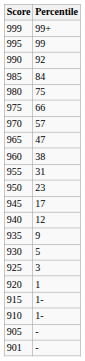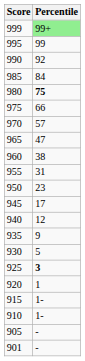 <table class="wikitable">
 <tr>
 <th>Score</th>
 <th>Percentile</th>
 </tr>
 <tr>
 <td>999</td>
-<td>99+</td>
+<td style="background: lightgreen;">99+</td>
 </tr>
 <tr>
 <td>995</td>
 <td>99</td>
 </tr>
 <tr>
 <td>990</td>
 <td>92</td>
 </tr>
 <tr>
 <td>985</td>
 <td>84</td>
 </tr>
 <tr>
 <td>980</td>
-<td>75</td>
+<td><strong>75</strong></td>
 </tr>
 <tr>
 <td>975</td>
 <td>66</td>
 </tr>
 <tr>
 <td>970</td>
 <td>57</td>
 </tr>
 <tr>
 <td>965</td>
 <td>47</td>
 </tr>
 <tr>
 <td>960</td>
 <td>38</td>
 </tr>
 <tr>
 <td>955</td>
 <td>31</td>
 </tr>
 <tr>
 <td>950</td>
 <td>23</td>
 </tr>
 <tr>
 <td>945</td>
 <td>17</td>
 </tr>
 <tr>
 <td>940</td>
 <td>12</td>
 </tr>
 <tr>
 <td>935</td>
 <td>9</td>
 </tr>
 <tr>
 <td>930</td>
 <td>5</td>
 </tr>
 <tr>
 <td>925</td>
-<td>3</td>
+<td><strong>3</strong></td>
 </tr>
 <tr>
 <td>920</td>
 <td>1</td>
 </tr>
 <tr>
 <td>915</td>
 <td>1-</td>
 </tr>
 <tr>
 <td>910</td>
 <td>1-</td>
 </tr>
 <tr>
 <td>905</td>
 <td>-</td>
 </tr>
 <tr>
 <td>901</td>
 <td>-</td>
 </tr>
 </table>
